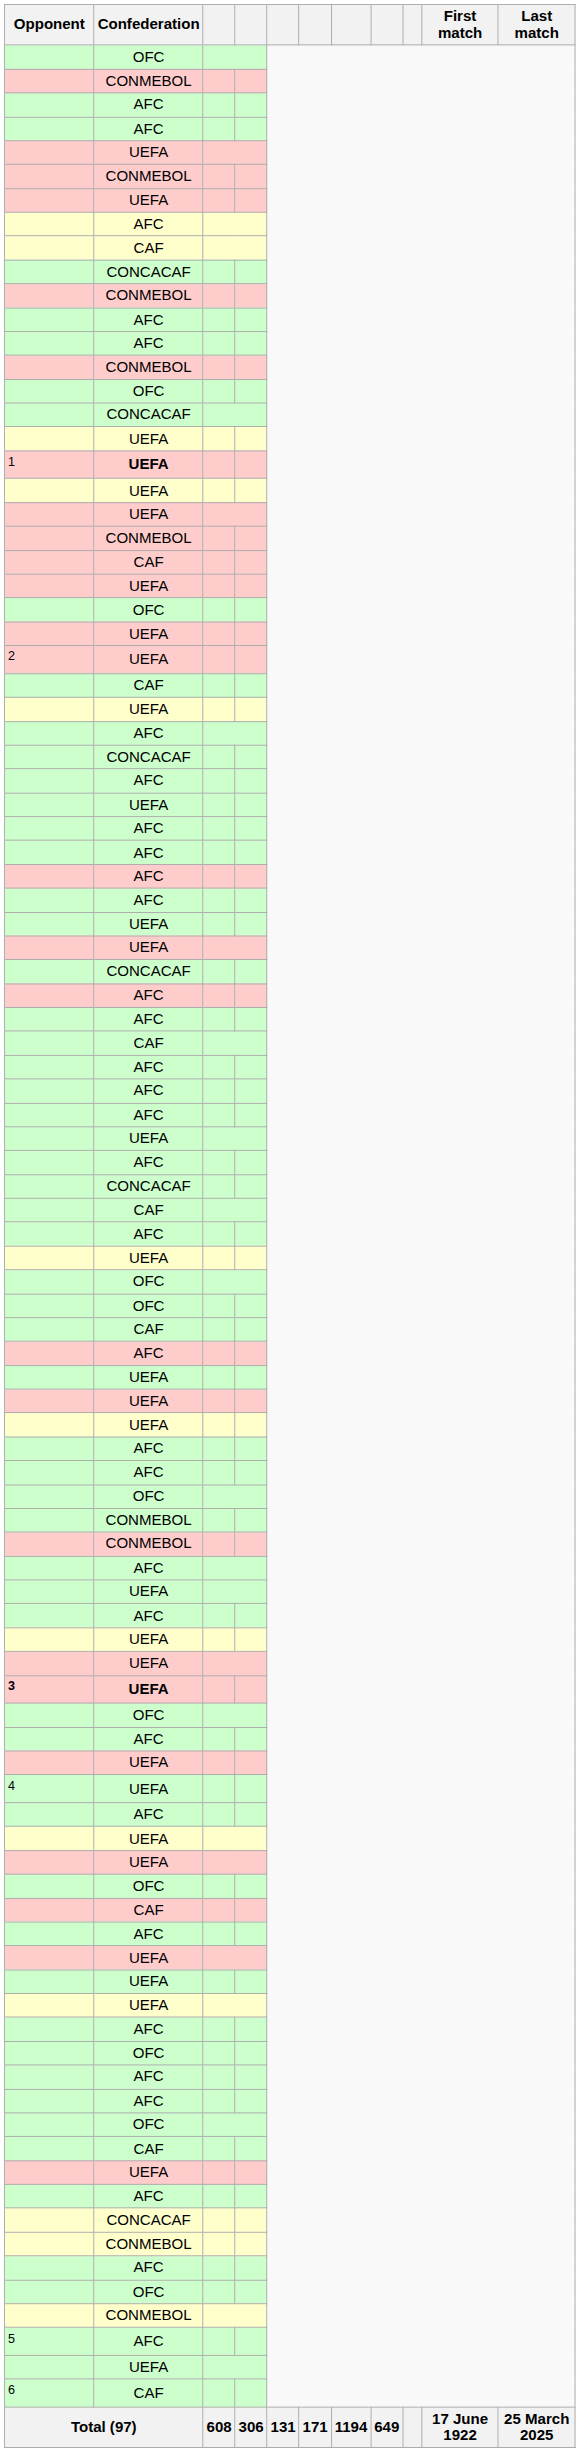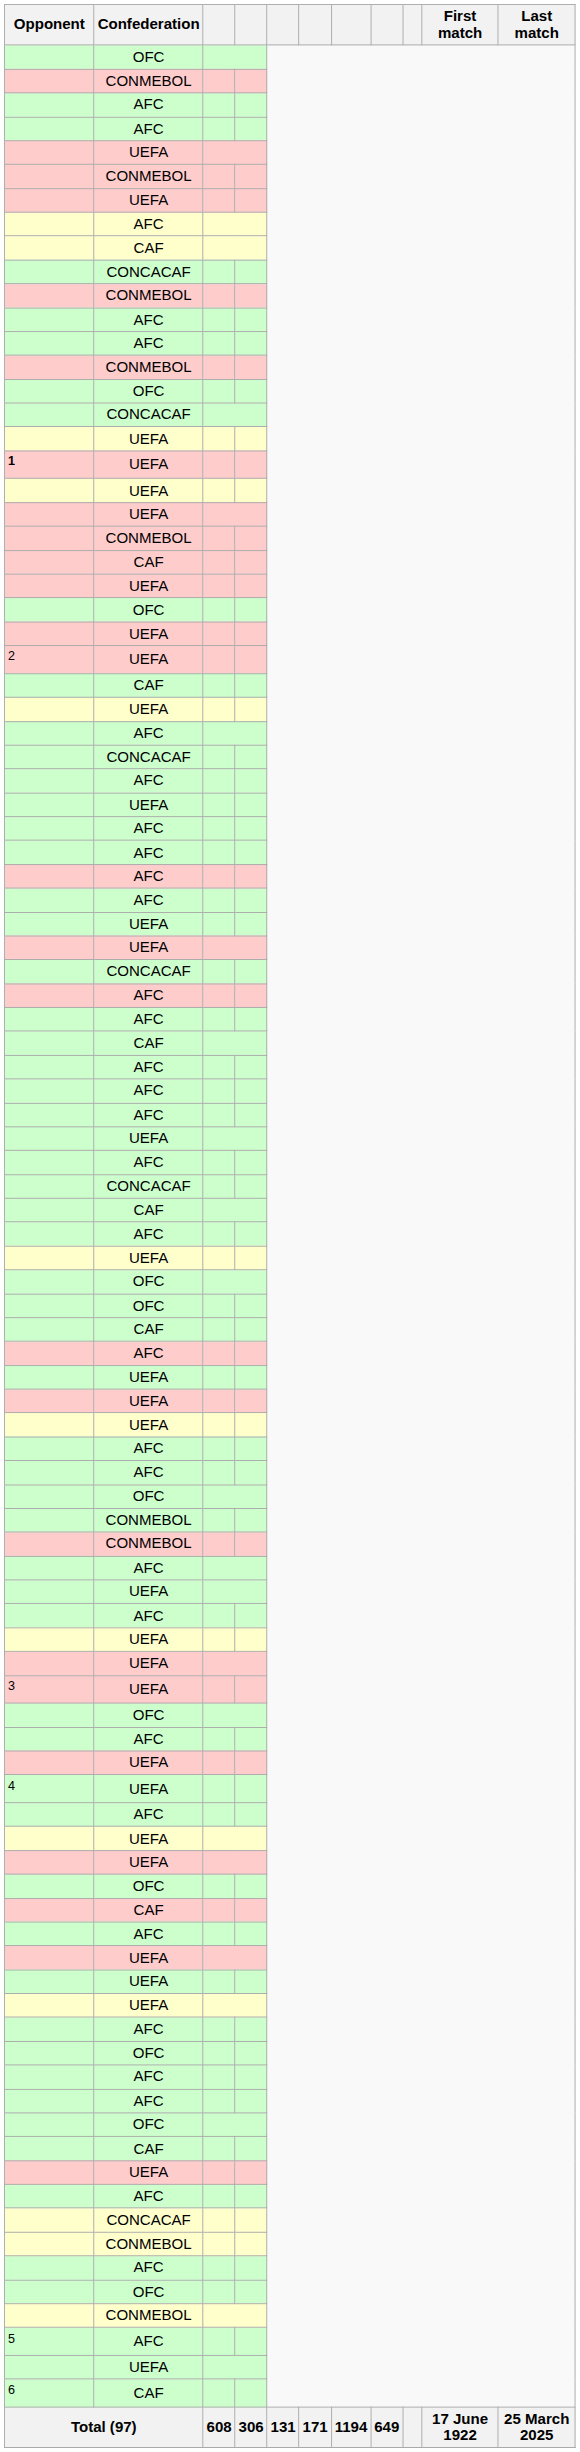 <table class="wikitable sortable" style="text-align:center;">
 <tr>
 <th style="width:100px;">Opponent</th>
 <th style="width:50px;">Confederation</th>
 <th style="width:25px;"></th>
 <th style="width:25px;"></th>
 <th style="width:25px;"></th>
 <th style="width:25px;"></th>
 <th style="width:25px;"></th>
 <th style="width:25px;"></th>
 <th style="width:25px;"></th>
 <th style="width:100px;">First match</th>
 <th style="width:100px;">Last match</th>
 </tr>
 <tr bgcolor=#CCFFCC>
 <td style="text-align:left;"></td>
 <td>OFC<br></td>
 <td colspan=2><a href='#'></a></td>
 </tr>
 <tr bgcolor=#FFCCCC>
 <td style="text-align:left;"></td>
 <td>CONMEBOL<br></td>
 <td></td>
 <td></td>
 </tr>
 <tr bgcolor=#CCFFCC>
 <td style="text-align:left;"></td>
 <td>AFC<br></td>
 <td></td>
 <td></td>
 </tr>
 <tr bgcolor=#CCFFCC>
 <td style="text-align:left;"></td>
 <td>AFC<br></td>
 <td></td>
 <td></td>
 </tr>
 <tr bgcolor=#FFCCCC>
 <td style="text-align:left;"></td>
 <td>UEFA<br></td>
 <td colspan=2></td>
 </tr>
 <tr bgcolor=#FFCCCC>
 <td style="text-align:left;"></td>
 <td>CONMEBOL<br></td>
 <td></td>
 <td></td>
 </tr>
 <tr bgcolor=#FFCCCC>
 <td style="text-align:left;"></td>
 <td>UEFA<br></td>
 <td></td>
 <td></td>
 </tr>
 <tr bgcolor=#FFFFCC>
 <td style="text-align:left;"></td>
 <td>AFC<br></td>
 <td colspan=2></td>
 </tr>
 <tr bgcolor=#FFFFCC>
 <td style="text-align:left;"></td>
 <td>CAF<br></td>
 <td colspan=2></td>
 </tr>
 <tr bgcolor=#CCFFCC>
 <td style="text-align:left;"></td>
 <td>CONCACAF<br></td>
 <td></td>
 <td></td>
 </tr>
 <tr bgcolor=#FFCCCC>
 <td style="text-align:left;"></td>
 <td>CONMEBOL<br></td>
 <td></td>
 <td></td>
 </tr>
 <tr bgcolor=#CCFFCC>
 <td style="text-align:left;"></td>
 <td>AFC<br></td>
 <td></td>
 <td></td>
 </tr>
 <tr bgcolor=#CCFFCC>
 <td style="text-align:left;"></td>
 <td>AFC<br></td>
 <td></td>
 <td></td>
 </tr>
 <tr bgcolor=#FFCCCC>
 <td style="text-align:left;"></td>
 <td>CONMEBOL<br></td>
 <td></td>
 <td></td>
 </tr>
 <tr bgcolor=#CCFFCC>
 <td style="text-align:left;"></td>
 <td>OFC<br></td>
 <td></td>
 <td></td>
 </tr>
 <tr bgcolor=#CCFFCC>
 <td style="text-align:left;"></td>
 <td>CONCACAF<br></td>
 <td colspan=2></td>
 </tr>
 <tr bgcolor=#FFFFCC>
 <td style="text-align:left;"></td>
 <td>UEFA<br></td>
 <td></td>
 <td></td>
 </tr>
 <tr bgcolor=#FFCCCC>
-<td style="text-align:left;"><sup>1</sup></td>
-<td><strong>UEFA<br></strong></td>
+<td style="text-align:left;"><strong><sup>1</sup></strong></td>
+<td>UEFA<br></td>
 <td></td>
 <td></td>
 </tr>
 <tr bgcolor=#FFFFCC>
 <td style="text-align:left;"></td>
 <td>UEFA<br></td>
 <td></td>
 <td></td>
 </tr>
 <tr bgcolor=#FFCCCC>
 <td style="text-align:left;"></td>
 <td>UEFA<br></td>
 <td colspan=2></td>
 </tr>
 <tr bgcolor=#FFCCCC>
 <td style="text-align:left;"></td>
 <td>CONMEBOL<br></td>
 <td></td>
 <td></td>
 </tr>
 <tr bgcolor=#FFCCCC>
 <td style="text-align:left;"></td>
 <td>CAF<br></td>
 <td></td>
 <td></td>
 </tr>
 <tr bgcolor=#FFCCCC>
 <td style="text-align:left;"></td>
 <td>UEFA<br></td>
 <td></td>
 <td></td>
 </tr>
 <tr bgcolor=#CCFFCC>
 <td style="text-align:left;"></td>
 <td>OFC<br></td>
 <td></td>
 <td></td>
 </tr>
 <tr bgcolor=#FFCCCC>
 <td style="text-align:left;"></td>
 <td>UEFA<br></td>
 <td></td>
 <td></td>
 </tr>
 <tr bgcolor=#FFCCCC>
 <td style="text-align:left;"><sup>2</sup></td>
 <td>UEFA<br></td>
 <td></td>
 <td></td>
 </tr>
 <tr bgcolor=#CCFFCC>
 <td style="text-align:left;"></td>
 <td>CAF<br></td>
 <td></td>
 <td></td>
 </tr>
 <tr bgcolor=#FFFFCC>
 <td style="text-align:left;"></td>
 <td>UEFA<br></td>
 <td></td>
 <td></td>
 </tr>
 <tr bgcolor=#CCFFCC>
 <td style="text-align:left;"></td>
 <td>AFC<br></td>
 <td colspan=2></td>
 </tr>
 <tr bgcolor=#CCFFCC>
 <td style="text-align:left;"></td>
 <td>CONCACAF<br></td>
 <td></td>
 <td></td>
 </tr>
 <tr bgcolor=#CCFFCC>
 <td style="text-align:left;"></td>
 <td>AFC<br></td>
 <td></td>
 <td></td>
 </tr>
 <tr bgcolor=#CCFFCC>
 <td style="text-align:left;"></td>
 <td>UEFA<br></td>
 <td></td>
 <td></td>
 </tr>
 <tr bgcolor=#CCFFCC>
 <td style="text-align:left;"></td>
 <td>AFC<br></td>
 <td></td>
 <td></td>
 </tr>
 <tr bgcolor=#CCFFCC>
 <td style="text-align:left;"></td>
 <td>AFC<br></td>
 <td></td>
 <td></td>
 </tr>
 <tr bgcolor=#FFCCCC>
 <td style="text-align:left;"></td>
 <td>AFC<br></td>
 <td></td>
 <td></td>
 </tr>
 <tr bgcolor=#CCFFCC>
 <td style="text-align:left;"></td>
 <td>AFC<br></td>
 <td></td>
 <td></td>
 </tr>
 <tr bgcolor=#CCFFCC>
 <td style="text-align:left;"></td>
 <td>UEFA<br></td>
 <td></td>
 <td></td>
 </tr>
 <tr bgcolor=#FFCCCC>
 <td style="text-align:left;"></td>
 <td>UEFA<br></td>
 <td colspan=2></td>
 </tr>
 <tr bgcolor=#CCFFCC>
 <td style="text-align:left;"></td>
 <td>CONCACAF<br></td>
 <td></td>
 <td></td>
 </tr>
 <tr bgcolor=#FFCCCC>
 <td style="text-align:left;"></td>
 <td>AFC<br></td>
 <td></td>
 <td></td>
 </tr>
 <tr bgcolor=#CCFFCC>
 <td style="text-align:left;"></td>
 <td>AFC<br></td>
 <td></td>
 <td></td>
 </tr>
 <tr bgcolor=#CCFFCC>
 <td style="text-align:left;"></td>
 <td>CAF<br></td>
 <td colspan=2></td>
 </tr>
 <tr bgcolor=#CCFFCC>
 <td style="text-align:left;"></td>
 <td>AFC<br></td>
 <td></td>
 <td></td>
 </tr>
 <tr bgcolor=#CCFFCC>
 <td style="text-align:left;"></td>
 <td>AFC<br></td>
 <td></td>
 <td></td>
 </tr>
 <tr bgcolor=#CCFFCC>
 <td style="text-align:left;"></td>
 <td>AFC<br></td>
 <td></td>
 <td></td>
 </tr>
 <tr bgcolor=#CCFFCC>
 <td style="text-align:left;"></td>
 <td>UEFA<br></td>
 <td colspan=2></td>
 </tr>
 <tr bgcolor=#CCFFCC>
 <td style="text-align:left;"></td>
 <td>AFC<br></td>
 <td></td>
 <td></td>
 </tr>
 <tr bgcolor=#CCFFCC>
 <td style="text-align:left;"></td>
 <td>CONCACAF<br></td>
 <td></td>
 <td></td>
 </tr>
 <tr bgcolor=#CCFFCC>
 <td style="text-align:left;"></td>
 <td>CAF<br></td>
 <td colspan=2></td>
 </tr>
 <tr bgcolor=#CCFFCC>
 <td style="text-align:left;"></td>
 <td>AFC<br></td>
 <td></td>
 <td></td>
 </tr>
 <tr bgcolor=#FFFFCC>
 <td style="text-align:left;"></td>
 <td>UEFA<br></td>
 <td></td>
 <td></td>
 </tr>
 <tr bgcolor=#CCFFCC>
 <td style="text-align:left;"></td>
 <td>OFC<br></td>
 <td colspan=2></td>
 </tr>
 <tr bgcolor=#CCFFCC>
 <td style="text-align:left;"></td>
 <td>OFC<br></td>
 <td></td>
 <td></td>
 </tr>
 <tr bgcolor=#CCFFCC>
 <td style="text-align:left;"></td>
 <td>CAF<br></td>
 <td></td>
 <td></td>
 </tr>
 <tr bgcolor=#FFCCCC>
 <td style="text-align:left;"></td>
 <td>AFC<br></td>
 <td></td>
 <td></td>
 </tr>
 <tr bgcolor=#CCFFCC>
 <td style="text-align:left;"></td>
 <td>UEFA<br></td>
 <td></td>
 <td></td>
 </tr>
 <tr bgcolor=#FFCCCC>
 <td style="text-align:left;"></td>
 <td>UEFA<br></td>
 <td></td>
 <td></td>
 </tr>
 <tr bgcolor=#FFFFCC>
 <td style="text-align:left;"></td>
 <td>UEFA<br></td>
 <td></td>
 <td></td>
 </tr>
 <tr bgcolor=#CCFFCC>
 <td style="text-align:left;"></td>
 <td>AFC<br></td>
 <td></td>
 <td></td>
 </tr>
 <tr bgcolor=#CCFFCC>
 <td style="text-align:left;"></td>
 <td>AFC<br></td>
 <td></td>
 <td></td>
 </tr>
 <tr bgcolor=#CCFFCC>
 <td style="text-align:left;"></td>
 <td>OFC<br></td>
 <td colspan=2></td>
 </tr>
 <tr bgcolor=#CCFFCC>
 <td style="text-align:left;"></td>
 <td>CONMEBOL<br></td>
 <td></td>
 <td></td>
 </tr>
 <tr bgcolor=#FFCCCC>
 <td style="text-align:left;"></td>
 <td>CONMEBOL<br></td>
 <td></td>
 <td></td>
 </tr>
 <tr bgcolor=#CCFFCC>
 <td style="text-align:left;"></td>
 <td>AFC<br></td>
 <td colspan=2></td>
 </tr>
 <tr bgcolor=#CCFFCC>
 <td style="text-align:left;"></td>
 <td>UEFA<br></td>
 <td colspan=2></td>
 </tr>
 <tr bgcolor=#CCFFCC>
 <td style="text-align:left;"></td>
 <td>AFC<br></td>
 <td></td>
 <td></td>
 </tr>
 <tr bgcolor=#FFFFCC>
 <td style="text-align:left;"></td>
 <td>UEFA<br></td>
 <td></td>
 <td></td>
 </tr>
 <tr bgcolor=#FFCCCC>
 <td style="text-align:left;"></td>
 <td>UEFA<br></td>
 <td colspan=2></td>
 </tr>
 <tr bgcolor=#FFCCCC>
-<td style="text-align:left;"><strong><sup>3</sup></strong></td>
-<td><strong>UEFA<br></strong></td>
+<td style="text-align:left;"><sup>3</sup></td>
+<td>UEFA<br></td>
 <td></td>
 <td></td>
 </tr>
 <tr bgcolor=#CCFFCC>
 <td style="text-align:left;"></td>
 <td>OFC<br></td>
 <td colspan=2></td>
 </tr>
 <tr bgcolor=#CCFFCC>
 <td style="text-align:left;"></td>
 <td>AFC<br></td>
 <td></td>
 <td></td>
 </tr>
 <tr bgcolor=#FFCCCC>
 <td style="text-align:left;"></td>
 <td>UEFA<br></td>
 <td></td>
 <td></td>
 </tr>
 <tr bgcolor=#CCFFCC>
 <td style="text-align:left;"><sup>4</sup></td>
 <td>UEFA<br></td>
 <td></td>
 <td></td>
 </tr>
 <tr bgcolor=#CCFFCC>
 <td style="text-align:left;"></td>
 <td>AFC<br></td>
 <td></td>
 <td></td>
 </tr>
 <tr bgcolor=#FFFFCC>
 <td style="text-align:left;"></td>
 <td>UEFA<br></td>
 <td colspan=2></td>
 </tr>
 <tr bgcolor=#FFCCCC>
 <td style="text-align:left;"></td>
 <td>UEFA<br></td>
 <td colspan=2></td>
 </tr>
 <tr bgcolor=#CCFFCC>
 <td style="text-align:left;"></td>
 <td>OFC<br></td>
 <td></td>
 <td></td>
 </tr>
 <tr bgcolor=#FFCCCC>
 <td style="text-align:left;"></td>
 <td>CAF<br></td>
 <td></td>
 <td></td>
 </tr>
 <tr bgcolor=#CCFFCC>
 <td style="text-align:left;"></td>
 <td>AFC<br></td>
 <td></td>
 <td></td>
 </tr>
 <tr bgcolor=#FFCCCC>
 <td style="text-align:left;"></td>
 <td>UEFA<br></td>
 <td colspan=2></td>
 </tr>
 <tr bgcolor=#CCFFCC>
 <td style="text-align:left;"></td>
 <td>UEFA<br></td>
 <td></td>
 <td></td>
 </tr>
 <tr bgcolor=#FFFFCC>
 <td style="text-align:left;"></td>
 <td>UEFA<br></td>
 <td colspan=2></td>
 </tr>
 <tr bgcolor=#CCFFCC>
 <td style="text-align:left;"></td>
 <td>AFC<br></td>
 <td></td>
 <td></td>
 </tr>
 <tr bgcolor=#CCFFCC>
 <td style="text-align:left;"></td>
 <td>OFC<br></td>
 <td></td>
 <td></td>
 </tr>
 <tr bgcolor=#CCFFCC>
 <td style="text-align:left;"></td>
 <td>AFC<br></td>
 <td></td>
 <td></td>
 </tr>
 <tr bgcolor=#CCFFCC>
 <td style="text-align:left;"></td>
 <td>AFC<br></td>
 <td></td>
 <td></td>
 </tr>
 <tr bgcolor=#CCFFCC>
 <td style="text-align:left;"></td>
 <td>OFC<br></td>
 <td colspan=2><a href='#'></a></td>
 </tr>
 <tr bgcolor=#CCFFCC>
 <td style="text-align:left;"></td>
 <td>CAF<br></td>
 <td></td>
 <td></td>
 </tr>
 <tr bgcolor=#FFCCCC>
 <td style="text-align:left;"></td>
 <td>UEFA<br></td>
 <td></td>
 <td></td>
 </tr>
 <tr bgcolor=#CCFFCC>
 <td style="text-align:left;"></td>
 <td>AFC<br></td>
 <td></td>
 <td></td>
 </tr>
 <tr bgcolor=#FFFFCC>
 <td style="text-align:left;"></td>
 <td>CONCACAF<br></td>
 <td></td>
 <td></td>
 </tr>
 <tr bgcolor=#FFFFCC>
 <td style="text-align:left;"></td>
 <td>CONMEBOL<br></td>
 <td></td>
 <td></td>
 </tr>
 <tr bgcolor=#CCFFCC>
 <td style="text-align:left;"></td>
 <td>AFC<br></td>
 <td></td>
 <td></td>
 </tr>
 <tr bgcolor=#CCFFCC>
 <td style="text-align:left;"></td>
 <td>OFC<br></td>
 <td></td>
 <td></td>
 </tr>
 <tr bgcolor=#FFFFCC>
 <td style="text-align:left;"></td>
 <td>CONMEBOL<br></td>
 <td colspan=2></td>
 </tr>
 <tr bgcolor=#CCFFCC>
 <td style="text-align:left;"><sup>5</sup></td>
 <td>AFC<br></td>
 <td></td>
 <td></td>
 </tr>
 <tr bgcolor=#CCFFCC>
 <td style="text-align:left;"></td>
 <td>UEFA<br></td>
 <td colspan=2></td>
 </tr>
 <tr bgcolor=#CCFFCC>
 <td style="text-align:left;"><sup>6</sup></td>
 <td>CAF<br></td>
 <td></td>
 <td></td>
 </tr>
 <tr>
 <th colspan=2><strong>Total</strong> (97)</th>
 <th><strong>608</strong></th>
 <th><strong>306</strong></th>
 <th><strong>131</strong></th>
 <th><strong>171</strong></th>
 <th><strong>1194</strong></th>
 <th><strong>649</strong></th>
 <th><strong></strong></th>
 <th>17 June 1922</th>
 <th>25 March 2025</th>
 </tr>
 <tr>
 </tr>
 </table>
